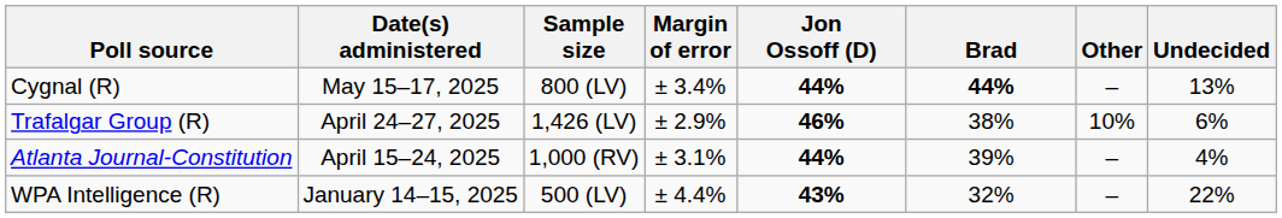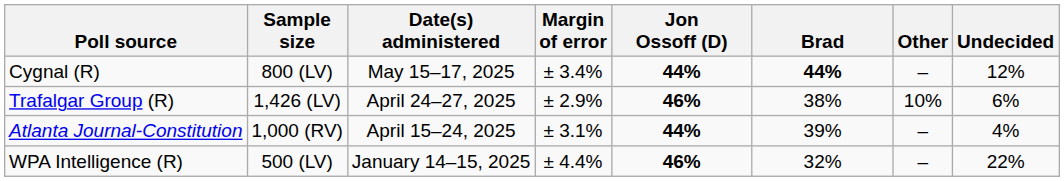 <table class="wikitable" style="font-size:90%;text-align:center;">
 <tr valign=bottom>
 <th>Poll source</th>
+<th>Sample<br>size</th>
 <th>Date(s)<br>administered</th>
-<th>Sample<br>size</th>
 <th>Margin<br>of error</th>
 <th style="width:100px;">Jon<br>Ossoff (D)</th>
 <th style="width:100px;">Brad<br></th>
 <th>Other</th>
 <th>Undecided</th>
 </tr>
 <tr>
 <td style="text-align:left;">Cygnal (R)</td>
+<td>800 (LV)</td>
 <td>May 15–17, 2025</td>
-<td>800 (LV)</td>
 <td>± 3.4%</td>
 <td><strong>44%</strong></td>
 <td><strong>44%</strong></td>
 <td>–</td>
-<td>13%</td>
+<td>12%</td>
 </tr>
 <tr>
 <td style="text-align:left;"><a href='#'>Trafalgar Group</a> (R)</td>
+<td>1,426 (LV)</td>
 <td>April 24–27, 2025</td>
-<td>1,426 (LV)</td>
 <td>± 2.9%</td>
 <td style="background-color:"><strong>46%</strong></td>
 <td>38%</td>
 <td>10%</td>
 <td>6%</td>
 </tr>
 <tr>
 <td style="text-align:left;"><em><a href='#'>Atlanta Journal-Constitution</a></em></td>
+<td>1,000 (RV)</td>
 <td>April 15–24, 2025</td>
-<td>1,000 (RV)</td>
 <td>± 3.1%</td>
 <td style="background-color:"><strong>44%</strong></td>
 <td>39%</td>
 <td>–</td>
 <td>4%</td>
 </tr>
 <tr>
 <td style="text-align:left;">WPA Intelligence (R)</td>
+<td>500 (LV)</td>
 <td>January 14–15, 2025</td>
-<td>500 (LV)</td>
 <td>± 4.4%</td>
-<td style="background-color:"><strong>43%</strong></td>
+<td style="background-color:"><strong>46%</strong></td>
 <td>32%</td>
 <td>–</td>
 <td>22%</td>
 </tr>
 </table>
